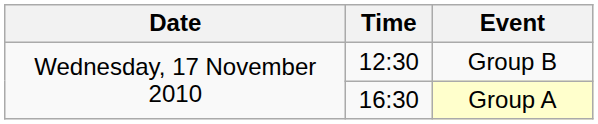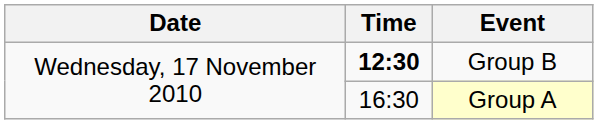 <table class = "wikitable" style="text-align:center;">
 <tr>
 <th width=220>Date</th>
 <th width=50>Time</th>
 <th width=100>Event</th>
 </tr>
 <tr>
 <td rowspan=2>Wednesday, 17 November 2010</td>
-<td>12:30</td>
+<td><strong>12:30</strong></td>
 <td>Group B</td>
 </tr>
 <tr>
 <td>16:30</td>
 <td bgcolor=ffffcc>Group A</td>
 </tr>
 </table>
